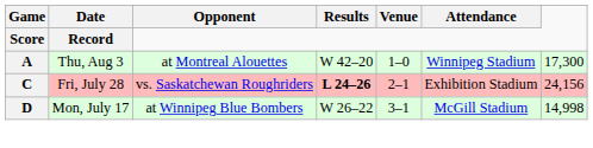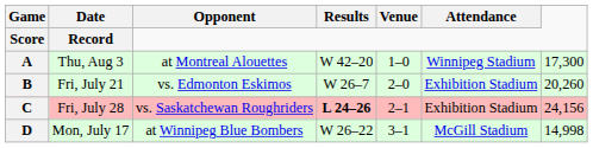 <table class="wikitable" style="text-align:center">
 <tr>
 <th>Game</th>
 <th>Date</th>
 <th>Opponent</th>
 <th>Results</th>
 <th>Venue</th>
 <th>Attendance</th>
 </tr>
 <tr>
 <th>Score</th>
 <th>Record</th>
 </tr>
 <tr style="background:#ddffdd">
 <th>A</th>
 <td>Thu, Aug 3</td>
 <td>at <a href='#'>Montreal Alouettes</a></td>
 <td>W 42–20</td>
 <td>1–0</td>
 <td><a href='#'>Winnipeg Stadium</a></td>
 <td>17,300</td>
 </tr>
+<tr style="background:#ddffdd">
+<th>B</th>
+<td>Fri, July 21</td>
+<td>vs. <a href='#'>Edmonton Eskimos</a></td>
+<td>W 26–7</td>
+<td>2–0</td>
+<td><a href='#'>Exhibition Stadium</a></td>
+<td>20,260</td>
+</tr>
 <tr style="background:#ffbbbb">
 <th>C</th>
 <td>Fri, July 28</td>
 <td>vs. <a href='#'>Saskatchewan Roughriders</a></td>
 <td><strong>L 24–26</strong></td>
 <td>2–1</td>
 <td>Exhibition Stadium</td>
 <td>24,156</td>
 </tr>
 <tr style="background:#ddffdd">
 <th>D</th>
 <td>Mon, July 17</td>
 <td>at <a href='#'>Winnipeg Blue Bombers</a></td>
 <td>W 26–22</td>
 <td>3–1</td>
 <td><a href='#'>McGill Stadium</a></td>
 <td>14,998</td>
 </tr>
 </table>
